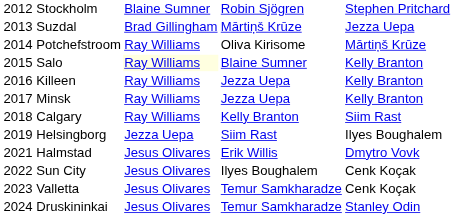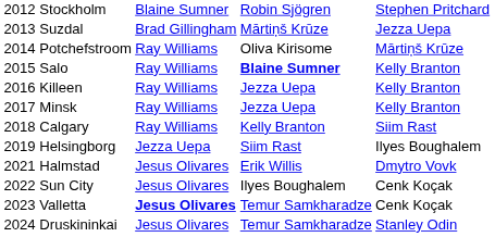 <table>
 <tr>
 <td>2012 Stockholm</td>
 <td> <a href='#'>Blaine Sumner</a></td>
 <td> <a href='#'>Robin Sjögren</a></td>
 <td> <a href='#'>Stephen Pritchard</a></td>
 </tr>
 <tr>
 <td>2013 Suzdal</td>
 <td> <a href='#'>Brad Gillingham</a></td>
 <td> <a href='#'>Mārtiņš Krūze</a></td>
 <td> <a href='#'>Jezza Uepa</a></td>
 </tr>
 <tr>
 <td>2014 Potchefstroom</td>
 <td> <a href='#'>Ray Williams</a></td>
 <td> Oliva Kirisome</td>
 <td> <a href='#'>Mārtiņš Krūze</a></td>
 </tr>
 <tr>
 <td>2015 Salo</td>
-<td style="background: lightyellow;"> <a href='#'>Ray Williams</a></td>
-<td> <a href='#'>Blaine Sumner</a></td>
+<td> <a href='#'>Ray Williams</a></td>
+<td><strong> <a href='#'>Blaine Sumner</a></strong></td>
 <td> <a href='#'>Kelly Branton</a></td>
 </tr>
 <tr>
 <td>2016 Killeen</td>
 <td> <a href='#'>Ray Williams</a></td>
 <td> <a href='#'>Jezza Uepa</a></td>
 <td> <a href='#'>Kelly Branton</a></td>
 </tr>
 <tr>
 <td>2017 Minsk</td>
 <td> <a href='#'>Ray Williams</a></td>
 <td> <a href='#'>Jezza Uepa</a></td>
 <td> <a href='#'>Kelly Branton</a></td>
 </tr>
 <tr>
 <td>2018 Calgary</td>
 <td> <a href='#'>Ray Williams</a></td>
 <td> <a href='#'>Kelly Branton</a></td>
 <td> <a href='#'>Siim Rast</a></td>
 </tr>
 <tr>
 <td>2019 Helsingborg</td>
 <td> <a href='#'>Jezza Uepa</a></td>
 <td> <a href='#'>Siim Rast</a></td>
 <td> Ilyes Boughalem</td>
 </tr>
 <tr>
 <td>2021 Halmstad</td>
 <td> <a href='#'>Jesus Olivares</a></td>
 <td> <a href='#'>Erik Willis</a></td>
 <td> <a href='#'>Dmytro Vovk</a></td>
 </tr>
 <tr>
 <td>2022 Sun City</td>
 <td> <a href='#'>Jesus Olivares</a></td>
 <td> Ilyes Boughalem</td>
 <td> Cenk Koçak</td>
 </tr>
 <tr>
 <td>2023 Valletta</td>
-<td> <a href='#'>Jesus Olivares</a></td>
+<td><strong> <a href='#'>Jesus Olivares</a></strong></td>
 <td> <a href='#'>Temur Samkharadze</a></td>
 <td> Cenk Koçak</td>
 </tr>
 <tr>
 <td>2024 Druskininkai</td>
 <td> <a href='#'>Jesus Olivares</a></td>
 <td> <a href='#'>Temur Samkharadze</a></td>
 <td> <a href='#'>Stanley Odin</a></td>
 </tr>
 </table>
